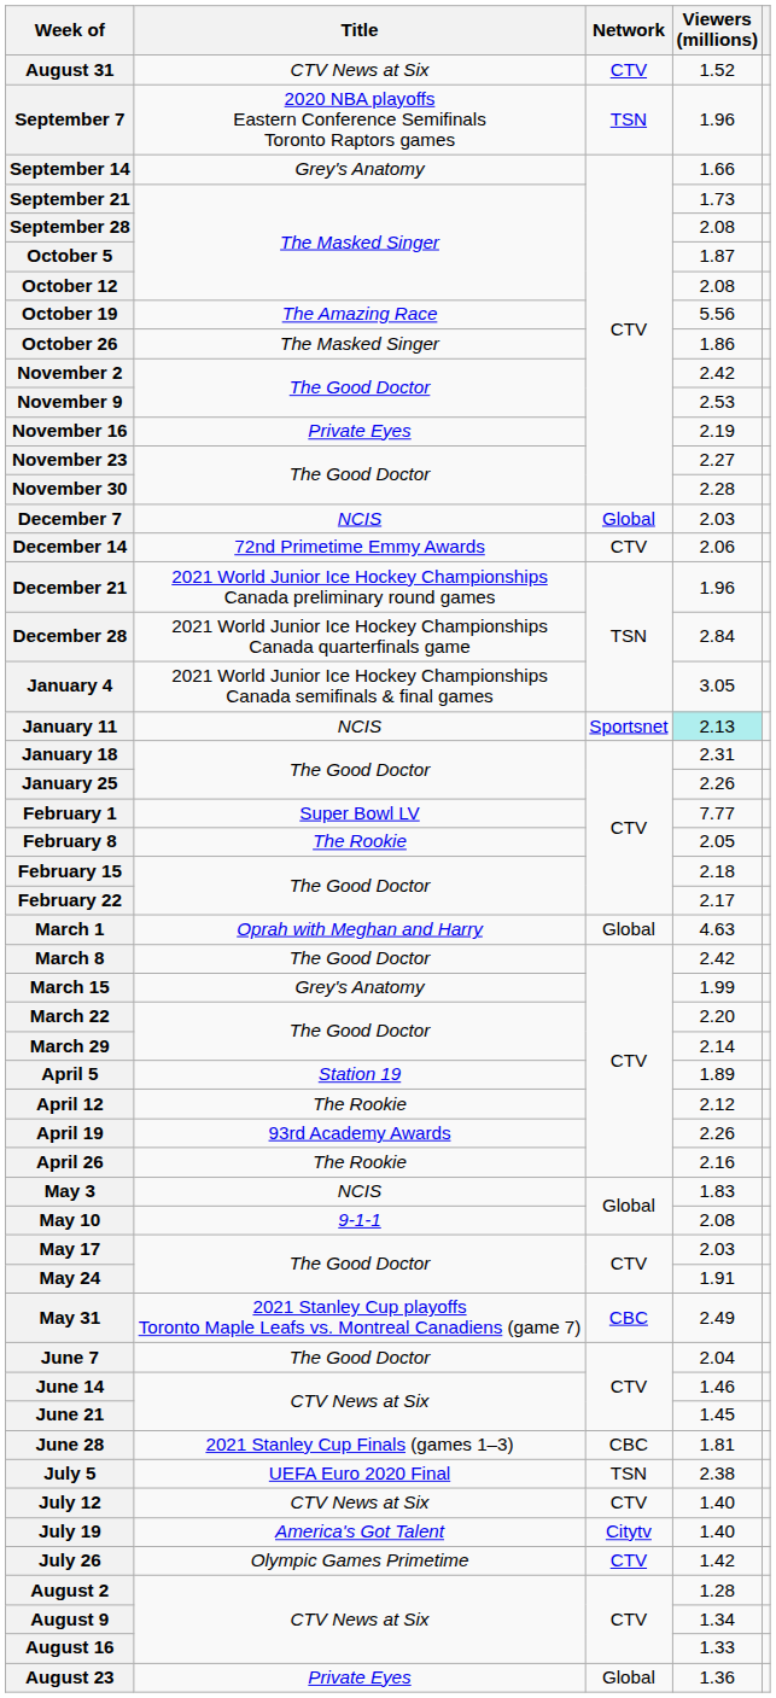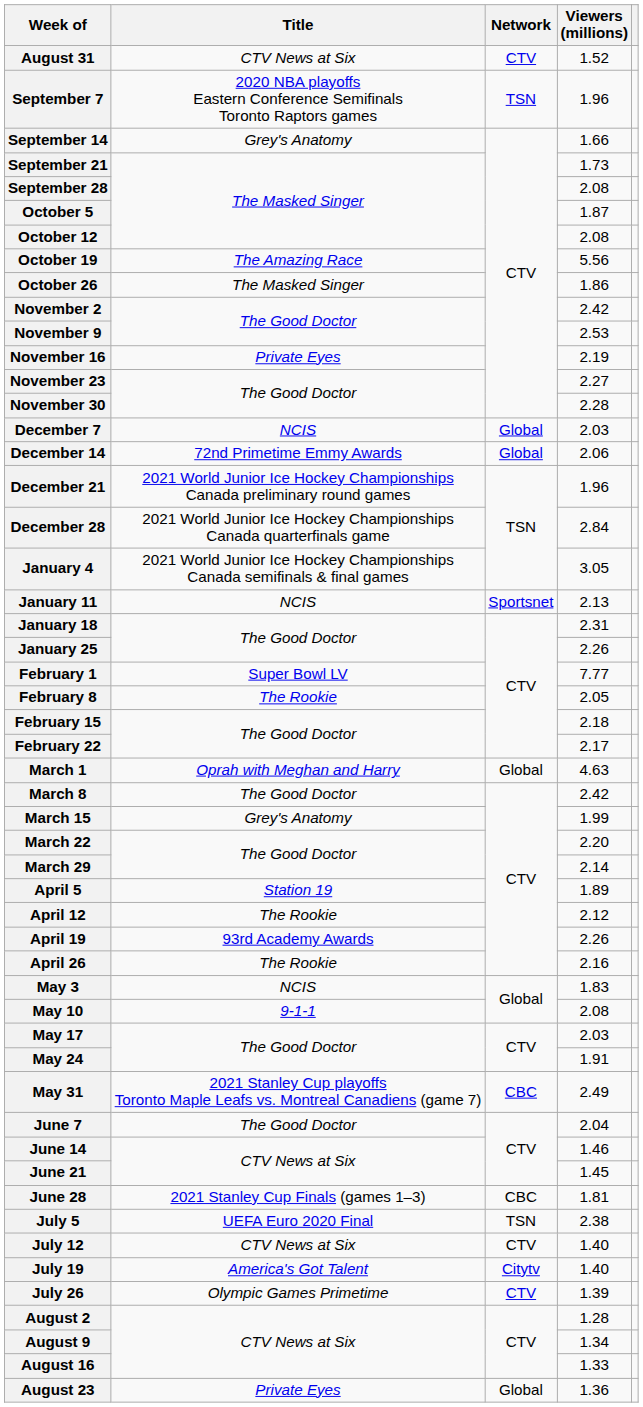 <table class="wikitable plainrowheaders" style="text-align: center; display: inline-table;">
 <tr>
 <th>Week of</th>
 <th>Title</th>
 <th>Network</th>
 <th>Viewers<br>(millions)</th>
 <th></th>
 </tr>
 <tr>
 <th scope="row">August 31</th>
 <td><em>CTV News at Six</em></td>
 <td><a href='#'>CTV</a></td>
 <td>1.52</td>
 <td></td>
 </tr>
 <tr>
 <th scope="row">September 7</th>
 <td><a href='#'>2020 NBA playoffs</a><br>Eastern Conference Semifinals<br>Toronto Raptors games</td>
 <td><a href='#'>TSN</a></td>
 <td>1.96</td>
 <td></td>
 </tr>
 <tr>
 <th scope="row">September 14</th>
 <td><em>Grey's Anatomy</em></td>
 <td rowspan="12">CTV</td>
 <td>1.66</td>
 <td></td>
 </tr>
 <tr>
 <th scope="row">September 21</th>
 <td rowspan="4"><em><a href='#'>The Masked Singer</a></em></td>
 <td>1.73</td>
 <td></td>
 </tr>
 <tr>
 <th scope="row">September 28</th>
 <td>2.08</td>
 <td></td>
 </tr>
 <tr>
 <th scope="row">October 5</th>
 <td>1.87</td>
 <td></td>
 </tr>
 <tr>
 <th scope="row">October 12</th>
 <td>2.08</td>
 <td></td>
 </tr>
 <tr>
 <th scope="row">October 19</th>
 <td><em><a href='#'>The Amazing Race</a></em></td>
 <td>5.56</td>
 <td></td>
 </tr>
 <tr>
 <th scope="row">October 26</th>
 <td><em>The Masked Singer</em></td>
 <td>1.86</td>
 <td></td>
 </tr>
 <tr>
 <th scope="row">November 2</th>
 <td rowspan="2"><em><a href='#'>The Good Doctor</a></em></td>
 <td>2.42</td>
 <td></td>
 </tr>
 <tr>
 <th scope="row">November 9</th>
 <td>2.53</td>
 <td></td>
 </tr>
 <tr>
 <th scope="row">November 16</th>
 <td><em><a href='#'>Private Eyes</a></em></td>
 <td>2.19</td>
 <td></td>
 </tr>
 <tr>
 <th scope="row">November 23</th>
 <td rowspan="2"><em>The Good Doctor</em></td>
 <td>2.27</td>
 <td></td>
 </tr>
 <tr>
 <th scope="row">November 30</th>
 <td>2.28</td>
 <td></td>
 </tr>
 <tr>
 <th scope="row">December 7</th>
 <td><em><a href='#'>NCIS</a></em></td>
 <td><a href='#'>Global</a></td>
 <td>2.03</td>
 <td></td>
 </tr>
 <tr>
 <th scope="row">December 14</th>
 <td><a href='#'>72nd Primetime Emmy Awards</a></td>
-<td>CTV</td>
+<td><a href='#'>Global</a></td>
 <td>2.06</td>
 <td></td>
 </tr>
 <tr>
 <th scope="row">December 21</th>
 <td><a href='#'>2021 World Junior Ice Hockey Championships</a><br>Canada preliminary round games</td>
 <td rowspan="3">TSN</td>
 <td>1.96</td>
 <td></td>
 </tr>
 <tr>
 <th scope="row">December 28</th>
 <td>2021 World Junior Ice Hockey Championships<br>Canada quarterfinals game</td>
 <td>2.84</td>
 <td></td>
 </tr>
 <tr>
 <th scope="row">January 4</th>
 <td>2021 World Junior Ice Hockey Championships<br>Canada semifinals & final games</td>
 <td>3.05</td>
 <td></td>
 </tr>
 <tr>
 <th scope="row">January 11</th>
 <td><em>NCIS</em></td>
 <td><a href='#'>Sportsnet</a></td>
-<td style="background: paleturquoise;">2.13</td>
+<td>2.13</td>
 <td></td>
 </tr>
 <tr>
 <th scope="row">January 18</th>
 <td rowspan="2"><em>The Good Doctor</em></td>
 <td rowspan="6">CTV</td>
 <td>2.31</td>
 <td></td>
 </tr>
 <tr>
 <th scope="row">January 25</th>
 <td>2.26</td>
 <td></td>
 </tr>
 <tr>
 <th scope="row">February 1</th>
 <td><a href='#'>Super Bowl LV</a></td>
 <td>7.77</td>
 <td></td>
 </tr>
 <tr>
 <th scope="row">February 8</th>
 <td><em><a href='#'>The Rookie</a></em></td>
 <td>2.05</td>
 <td></td>
 </tr>
 <tr>
 <th scope="row">February 15</th>
 <td rowspan="2"><em>The Good Doctor</em></td>
 <td>2.18</td>
 <td></td>
 </tr>
 <tr>
 <th scope="row">February 22</th>
 <td>2.17</td>
 <td></td>
 </tr>
 <tr>
 <th scope="row">March 1</th>
 <td><em><a href='#'>Oprah with Meghan and Harry</a></em></td>
 <td>Global</td>
 <td>4.63</td>
 <td></td>
 </tr>
 <tr>
 <th scope="row">March 8</th>
 <td><em>The Good Doctor</em></td>
 <td rowspan="8">CTV</td>
 <td>2.42</td>
 <td></td>
 </tr>
 <tr>
 <th scope="row">March 15</th>
 <td><em>Grey's Anatomy</em></td>
 <td>1.99</td>
 <td></td>
 </tr>
 <tr>
 <th scope="row">March 22</th>
 <td rowspan="2"><em>The Good Doctor</em></td>
 <td>2.20</td>
 <td></td>
 </tr>
 <tr>
 <th scope="row">March 29</th>
 <td>2.14</td>
 <td></td>
 </tr>
 <tr>
 <th scope="row">April 5</th>
 <td><em><a href='#'>Station 19</a></em></td>
 <td>1.89</td>
 <td></td>
 </tr>
 <tr>
 <th scope="row">April 12</th>
 <td><em>The Rookie</em></td>
 <td>2.12</td>
 <td></td>
 </tr>
 <tr>
 <th scope="row">April 19</th>
 <td><a href='#'>93rd Academy Awards</a></td>
 <td>2.26</td>
 <td></td>
 </tr>
 <tr>
 <th scope="row">April 26</th>
 <td><em>The Rookie</em></td>
 <td>2.16</td>
 <td></td>
 </tr>
 <tr>
 <th scope="row">May 3</th>
 <td><em>NCIS</em></td>
 <td rowspan="2">Global</td>
 <td>1.83</td>
 <td></td>
 </tr>
 <tr>
 <th scope="row">May 10</th>
 <td><em><a href='#'>9-1-1</a></em></td>
 <td>2.08</td>
 <td></td>
 </tr>
 <tr>
 <th scope="row">May 17</th>
 <td rowspan="2"><em>The Good Doctor</em></td>
 <td rowspan="2">CTV</td>
 <td>2.03</td>
 <td></td>
 </tr>
 <tr>
 <th scope="row">May 24</th>
 <td>1.91</td>
 <td></td>
 </tr>
 <tr>
 <th scope="row">May 31</th>
 <td><a href='#'>2021 Stanley Cup playoffs<br>Toronto Maple Leafs vs. Montreal Canadiens</a> (game 7)</td>
 <td><a href='#'>CBC</a></td>
 <td>2.49</td>
 <td></td>
 </tr>
 <tr>
 <th scope="row">June 7</th>
 <td><em>The Good Doctor</em></td>
 <td rowspan="3">CTV</td>
 <td>2.04</td>
 <td></td>
 </tr>
 <tr>
 <th scope="row">June 14</th>
 <td rowspan="2"><em>CTV News at Six</em></td>
 <td>1.46</td>
 <td></td>
 </tr>
 <tr>
 <th scope="row">June 21</th>
 <td>1.45</td>
 <td></td>
 </tr>
 <tr>
 <th scope="row">June 28</th>
 <td><a href='#'>2021 Stanley Cup Finals</a> (games 1–3)</td>
 <td>CBC</td>
 <td>1.81</td>
 <td></td>
 </tr>
 <tr>
 <th scope="row">July 5</th>
 <td><a href='#'>UEFA Euro 2020 Final</a></td>
 <td>TSN</td>
 <td>2.38</td>
 <td></td>
 </tr>
 <tr>
 <th scope="row">July 12</th>
 <td><em>CTV News at Six</em></td>
 <td>CTV</td>
 <td>1.40</td>
 <td></td>
 </tr>
 <tr>
 <th scope="row">July 19</th>
 <td><em><a href='#'>America's Got Talent</a></em></td>
 <td><a href='#'>Citytv</a></td>
 <td>1.40</td>
 <td></td>
 </tr>
 <tr>
 <th scope="row">July 26</th>
 <td><em>Olympic Games Primetime</em></td>
 <td><a href='#'>CTV</a></td>
-<td>1.42</td>
+<td>1.39</td>
 <td></td>
 </tr>
 <tr>
 <th scope="row">August 2</th>
 <td rowspan="3"><em>CTV News at Six</em></td>
 <td rowspan="3">CTV</td>
 <td>1.28</td>
 <td></td>
 </tr>
 <tr>
 <th scope="row">August 9</th>
 <td>1.34</td>
 <td></td>
 </tr>
 <tr>
 <th scope="row">August 16</th>
 <td>1.33</td>
 <td></td>
 </tr>
 <tr>
 <th scope="row">August 23</th>
 <td><em><a href='#'>Private Eyes</a></em></td>
 <td>Global</td>
 <td>1.36</td>
 <td></td>
 </tr>
 </table>
